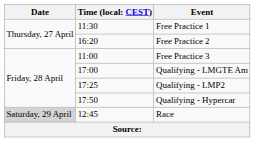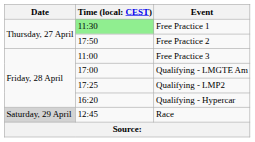 <table class="wikitable" style="font-size: 90%;">
 <tr>
 <th>Date</th>
 <th>Time (local: <a href='#'>CEST</a>)</th>
 <th>Event</th>
 </tr>
 <tr>
 <td rowspan="2">Thursday, 27 April</td>
-<td>11:30</td>
+<td style="background: lightgreen;">11:30</td>
 <td>Free Practice 1</td>
 </tr>
 <tr>
-<td>16:20</td>
+<td>17:50</td>
 <td>Free Practice 2</td>
 </tr>
 <tr>
 <td rowspan="4">Friday, 28 April</td>
 <td>11:00</td>
 <td>Free Practice 3</td>
 </tr>
 <tr>
 <td>17:00</td>
 <td>Qualifying - LMGTE Am</td>
 </tr>
 <tr>
 <td>17:25</td>
 <td>Qualifying - LMP2</td>
 </tr>
 <tr>
-<td>17:50</td>
+<td>16:20</td>
 <td>Qualifying - Hypercar</td>
 </tr>
 <tr>
 <td style="background: lightgrey;">Saturday, 29 April</td>
 <td>12:45</td>
 <td>Race</td>
 </tr>
 <tr>
 <th colspan="3">Source:</th>
 </tr>
 </table>
